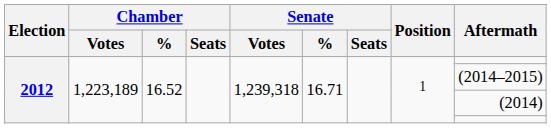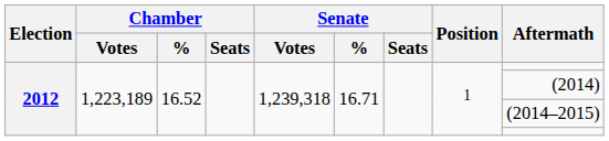 <table class="wikitable" style="text-align: right;">
 <tr>
 <th rowspan="2">Election</th>
 <th colspan="3"><a href='#'>Chamber</a></th>
 <th colspan="3"><a href='#'>Senate</a></th>
 <th rowspan="2">Position</th>
 <th rowspan="2">Aftermath</th>
 </tr>
 <tr>
 <th>Votes</th>
 <th>%</th>
 <th>Seats</th>
 <th>Votes</th>
 <th>%</th>
 <th>Seats</th>
 </tr>
 <tr>
 <th rowspan=4><a href='#'>2012</a></th>
 <td rowspan=4>1,223,189</td>
 <td rowspan=4>16.52</td>
 <td rowspan=4></td>
 <td rowspan=4>1,239,318</td>
 <td rowspan=4>16.71</td>
 <td rowspan=4></td>
 <td rowspan=4; style="text-align: center;"><sup>1</sup></td>
 <td></td>
 </tr>
 <tr>
-<td> (2014–2015)</td>
+<td> (2014)</td>
 </tr>
 <tr>
-<td> (2014)</td>
+<td> (2014–2015)</td>
 </tr>
 <tr>
 <td></td>
 </tr>
 </table>
